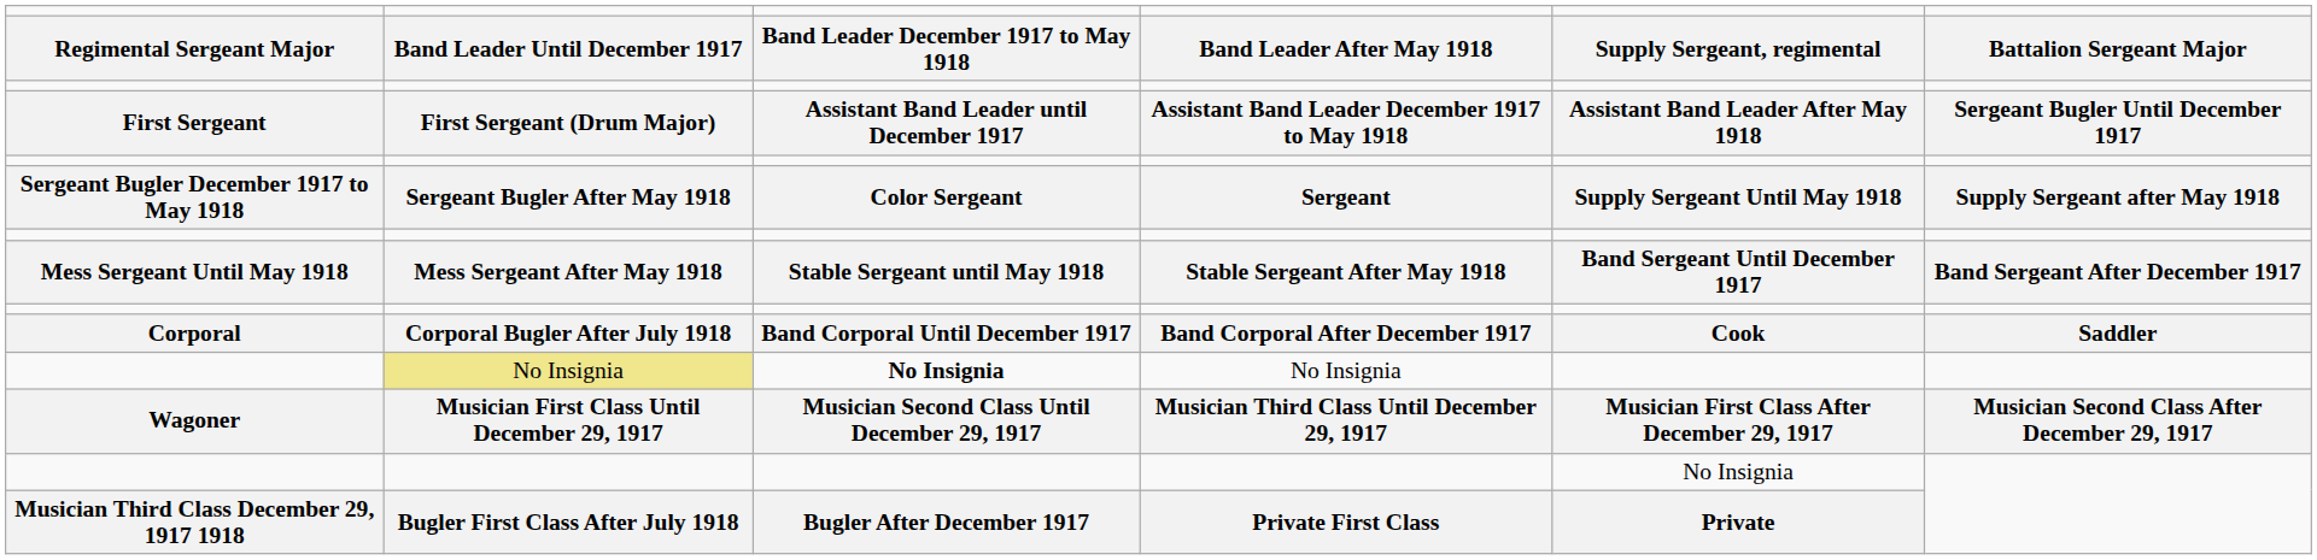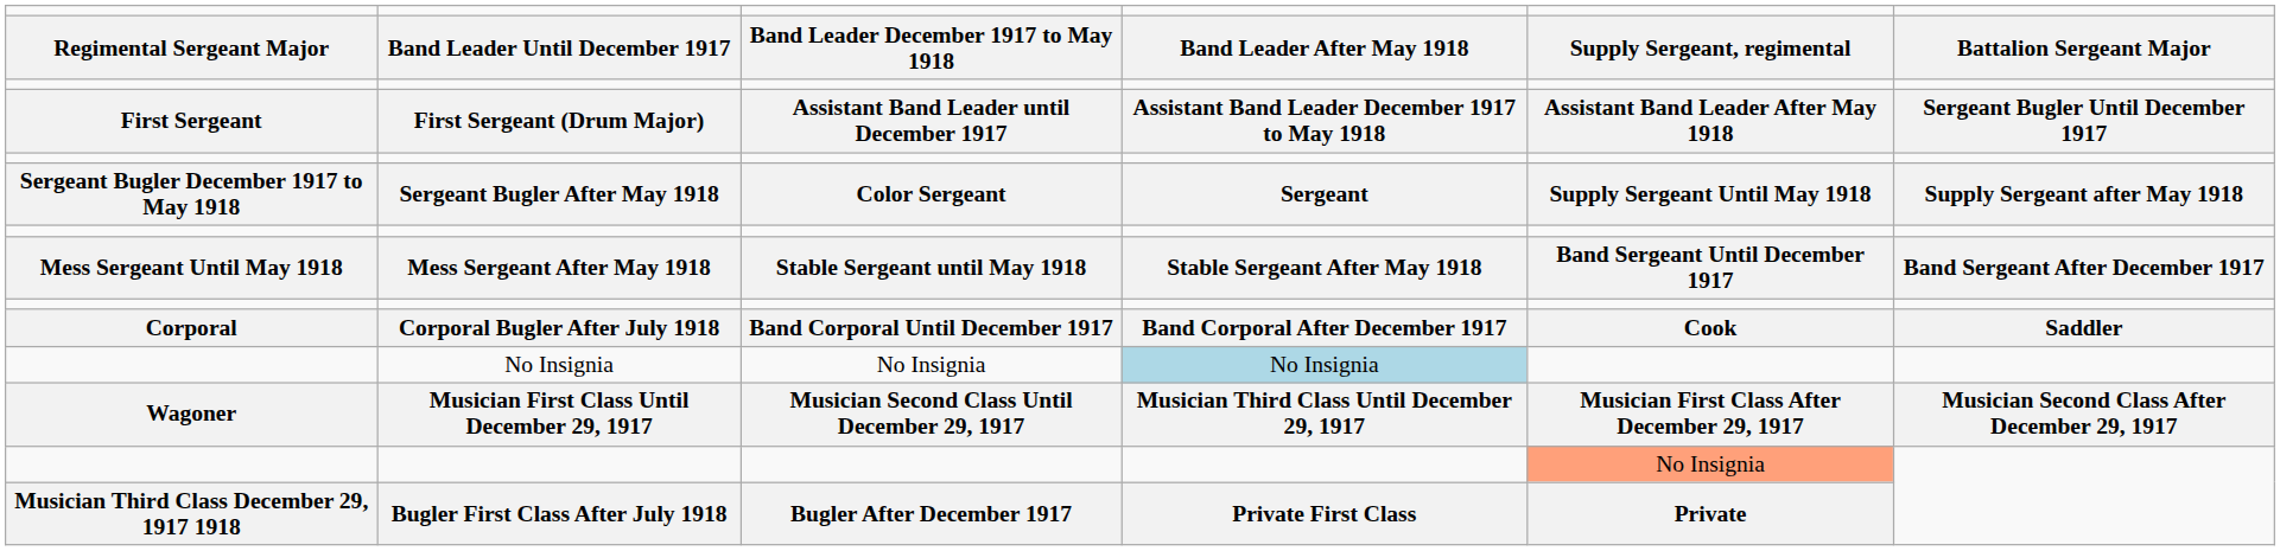 <table class="wikitable" style="text-align:center">
 <tr>
 <td></td>
 <td></td>
 <td></td>
 <td></td>
 <td></td>
 <td></td>
 </tr>
 <tr>
 <th>Regimental Sergeant Major</th>
 <th>Band Leader Until December 1917</th>
 <th>Band Leader December 1917 to May 1918</th>
 <th>Band Leader After May 1918</th>
 <th>Supply Sergeant, regimental</th>
 <th>Battalion Sergeant Major</th>
 </tr>
 <tr>
 <td></td>
 <td></td>
 <td></td>
 <td></td>
 <td></td>
 <td></td>
 </tr>
 <tr>
 <th>First Sergeant</th>
 <th>First Sergeant (Drum Major)</th>
 <th>Assistant Band Leader until December 1917</th>
 <th>Assistant Band Leader December 1917 to May 1918</th>
 <th>Assistant Band Leader After May 1918</th>
 <th>Sergeant Bugler Until December 1917</th>
 </tr>
 <tr>
 <td></td>
 <td></td>
 <td></td>
 <td></td>
 <td></td>
 <td></td>
 </tr>
 <tr>
 <th>Sergeant Bugler December 1917 to May 1918</th>
 <th>Sergeant Bugler After May 1918</th>
 <th>Color Sergeant</th>
 <th>Sergeant</th>
 <th>Supply Sergeant Until May 1918</th>
 <th>Supply Sergeant after May 1918</th>
 </tr>
 <tr>
 <td></td>
 <td></td>
 <td></td>
 <td></td>
 <td></td>
 <td></td>
 </tr>
 <tr>
 <th>Mess Sergeant Until May 1918</th>
 <th>Mess Sergeant After May 1918</th>
 <th>Stable Sergeant until May 1918</th>
 <th>Stable Sergeant After May 1918</th>
 <th>Band Sergeant Until December 1917</th>
 <th>Band Sergeant After December 1917</th>
 </tr>
 <tr>
 <td></td>
 <td></td>
 <td></td>
 <td></td>
 <td></td>
 <td></td>
 </tr>
 <tr>
 <th>Corporal</th>
 <th>Corporal Bugler After July 1918</th>
 <th>Band Corporal Until December 1917</th>
 <th>Band Corporal After December 1917</th>
 <th>Cook</th>
 <th>Saddler</th>
 </tr>
 <tr>
 <td></td>
-<td style="background: khaki;">No Insignia</td>
-<td><strong>No Insignia</strong></td>
 <td>No Insignia</td>
+<td>No Insignia</td>
+<td style="background: lightblue;">No Insignia</td>
 <td></td>
 <td></td>
 </tr>
 <tr>
 <th>Wagoner</th>
 <th>Musician First Class Until December 29, 1917</th>
 <th>Musician Second Class Until December 29, 1917</th>
 <th>Musician Third Class Until December 29, 1917</th>
 <th>Musician First Class After December 29, 1917</th>
 <th>Musician Second Class After December 29, 1917</th>
 </tr>
 <tr>
 <td></td>
 <td></td>
 <td></td>
 <td></td>
-<td>No Insignia</td>
+<td style="background: lightsalmon;">No Insignia</td>
 </tr>
 <tr>
 <th>Musician Third Class December 29, 1917 1918</th>
 <th>Bugler First Class After July 1918</th>
 <th>Bugler After December 1917</th>
 <th>Private First Class</th>
 <th>Private</th>
 </tr>
 </table>
